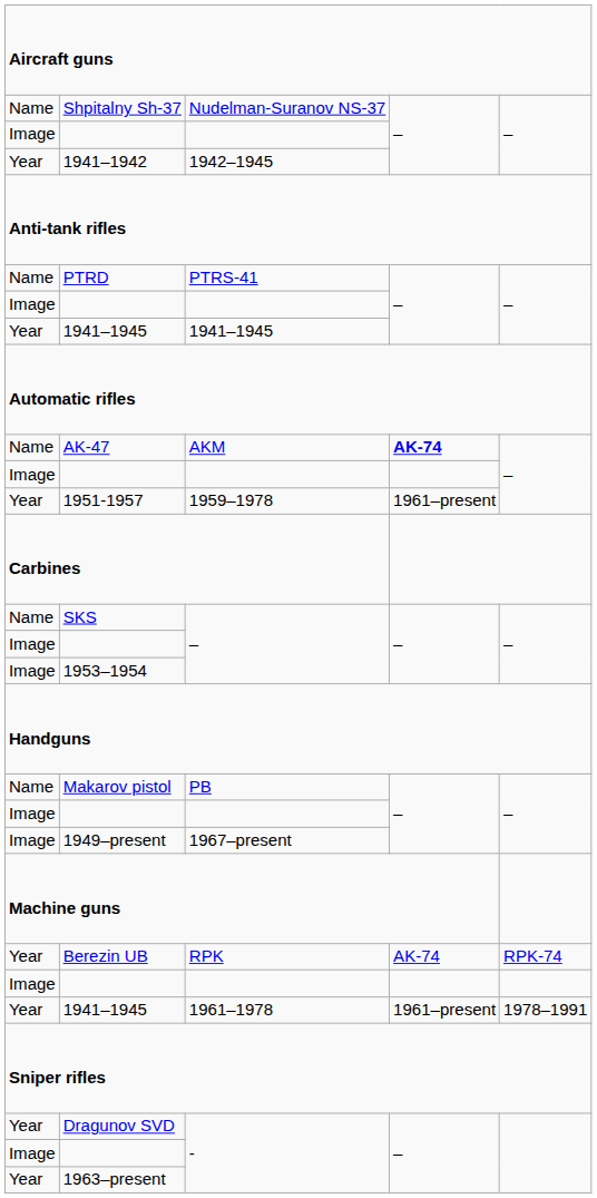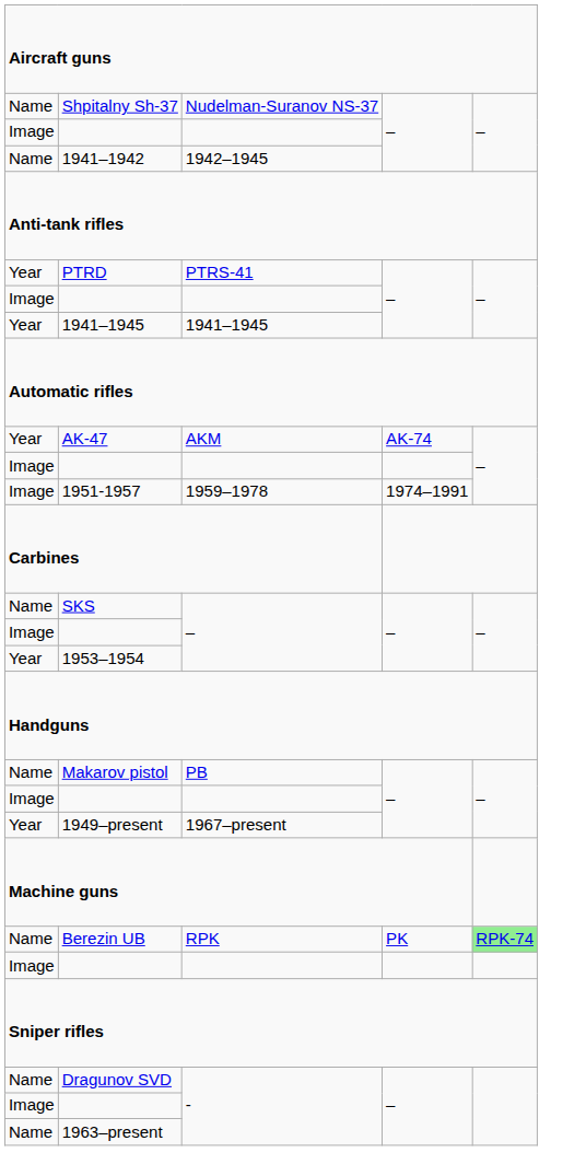 <table class="wikitable">
 <tr>
 <td colspan="5"><br><h4>Aircraft guns</h4></td>
 </tr>
 <tr>
 <td>Name</td>
 <td><a href='#'>Shpitalny Sh-37</a></td>
 <td><a href='#'>Nudelman-Suranov NS-37</a></td>
 <td rowspan="3">–</td>
 <td rowspan="3">–</td>
 </tr>
 <tr>
 <td>Image</td>
 <td></td>
 <td></td>
 </tr>
 <tr>
-<td>Year</td>
+<td>Name</td>
 <td>1941–1942</td>
 <td>1942–1945</td>
 </tr>
 <tr>
 <td colspan="5"><br><h4>Anti-tank rifles</h4></td>
 </tr>
 <tr>
-<td>Name</td>
+<td>Year</td>
 <td><a href='#'>PTRD</a></td>
 <td><a href='#'>PTRS-41</a></td>
 <td rowspan="3">–</td>
 <td rowspan="3">–</td>
 </tr>
 <tr>
 <td>Image</td>
 <td></td>
 <td></td>
 </tr>
 <tr>
 <td>Year</td>
 <td>1941–1945</td>
 <td>1941–1945</td>
 </tr>
 <tr>
 <td colspan="5"><br><h4>Automatic rifles</h4></td>
 </tr>
 <tr>
-<td>Name</td>
+<td>Year</td>
 <td><a href='#'>AK-47</a></td>
 <td><a href='#'>AKM</a></td>
-<td><strong><a href='#'>AK-74</a></strong></td>
+<td><a href='#'>AK-74</a></td>
 <td rowspan="3">–</td>
 </tr>
 <tr>
 <td>Image</td>
 <td></td>
 <td></td>
 <td></td>
 </tr>
 <tr>
-<td>Year</td>
+<td>Image</td>
 <td>1951-1957</td>
 <td>1959–1978</td>
-<td>1961–present</td>
+<td>1974–1991</td>
 </tr>
 <tr>
 <td colspan="3"><br><h4>Carbines</h4></td>
 <td colspan="2"></td>
 </tr>
 <tr>
 <td>Name</td>
 <td><a href='#'>SKS</a></td>
 <td rowspan="3">–</td>
 <td rowspan="3">–</td>
 <td rowspan="3">–</td>
 </tr>
 <tr>
 <td>Image</td>
 <td></td>
 </tr>
 <tr>
-<td>Image</td>
+<td>Year</td>
 <td>1953–1954</td>
 </tr>
 <tr>
 <td colspan="5"><br><h4>Handguns</h4></td>
 </tr>
 <tr>
 <td>Name</td>
 <td><a href='#'>Makarov pistol</a></td>
 <td><a href='#'>PB</a></td>
 <td rowspan="3">–</td>
 <td rowspan="3">–</td>
 </tr>
 <tr>
 <td>Image</td>
 <td></td>
 <td></td>
 </tr>
 <tr>
-<td>Image</td>
+<td>Year</td>
 <td>1949–present</td>
 <td>1967–present</td>
 </tr>
 <tr>
 <td colspan="4"><br><h4>Machine guns</h4></td>
 <td></td>
 </tr>
 <tr>
-<td>Year</td>
+<td>Name</td>
 <td><a href='#'>Berezin UB</a></td>
 <td><a href='#'>RPK</a></td>
-<td><a href='#'>AK-74</a></td>
-<td><a href='#'>RPK-74</a></td>
+<td><a href='#'>PK</a></td>
+<td style="background: lightgreen;"><a href='#'>RPK-74</a></td>
 </tr>
 <tr>
 <td>Image</td>
 <td></td>
 <td></td>
 <td></td>
 <td></td>
 </tr>
 <tr>
-<td>Year</td>
-<td>1941–1945</td>
-<td>1961–1978</td>
-<td>1961–present</td>
-<td>1978–1991</td>
-</tr>
-<tr>
 <td colspan="5"><br><h4>Sniper rifles</h4></td>
 </tr>
 <tr>
-<td>Year</td>
+<td>Name</td>
 <td><a href='#'>Dragunov SVD</a></td>
 <td rowspan="3">-</td>
 <td rowspan="3">–</td>
 <td rowspan="3"></td>
 </tr>
 <tr>
 <td>Image</td>
 <td></td>
 </tr>
 <tr>
-<td>Year</td>
+<td>Name</td>
 <td>1963–present</td>
 </tr>
 </table>
